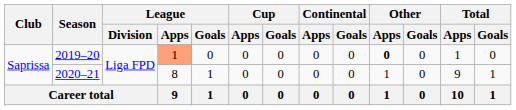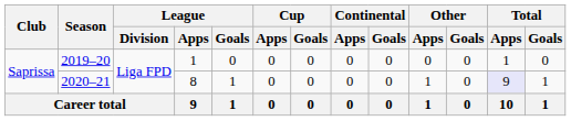 <table class="wikitable" style="text-align: center">
 <tr>
 <th rowspan="2">Club</th>
 <th rowspan="2">Season</th>
 <th colspan="3">League</th>
 <th colspan="2">Cup</th>
 <th colspan="2">Continental</th>
 <th colspan="2">Other</th>
 <th colspan="2">Total</th>
 </tr>
 <tr>
 <th>Division</th>
 <th>Apps</th>
 <th>Goals</th>
 <th>Apps</th>
 <th>Goals</th>
 <th>Apps</th>
 <th>Goals</th>
 <th>Apps</th>
 <th>Goals</th>
 <th>Apps</th>
 <th>Goals</th>
 </tr>
 <tr>
 <td rowspan="2"><a href='#'>Saprissa</a></td>
 <td><a href='#'>2019–20</a></td>
 <td rowspan="2"><a href='#'>Liga FPD</a></td>
-<td style="background: lightsalmon;">1</td>
+<td>1</td>
 <td>0</td>
 <td>0</td>
 <td>0</td>
 <td>0</td>
 <td>0</td>
-<td><strong>0</strong></td>
+<td>0</td>
 <td>0</td>
 <td>1</td>
 <td>0</td>
 </tr>
 <tr>
 <td><a href='#'>2020–21</a></td>
 <td>8</td>
 <td>1</td>
 <td>0</td>
 <td>0</td>
 <td>0</td>
 <td>0</td>
 <td>1</td>
 <td>0</td>
-<td>9</td>
+<td style="background: lavender;">9</td>
 <td>1</td>
 </tr>
 <tr>
 <th colspan="3"><strong>Career total</strong></th>
 <th>9</th>
 <th>1</th>
 <th>0</th>
 <th>0</th>
 <th>0</th>
 <th>0</th>
 <th>1</th>
 <th>0</th>
 <th>10</th>
 <th>1</th>
 </tr>
 </table>
